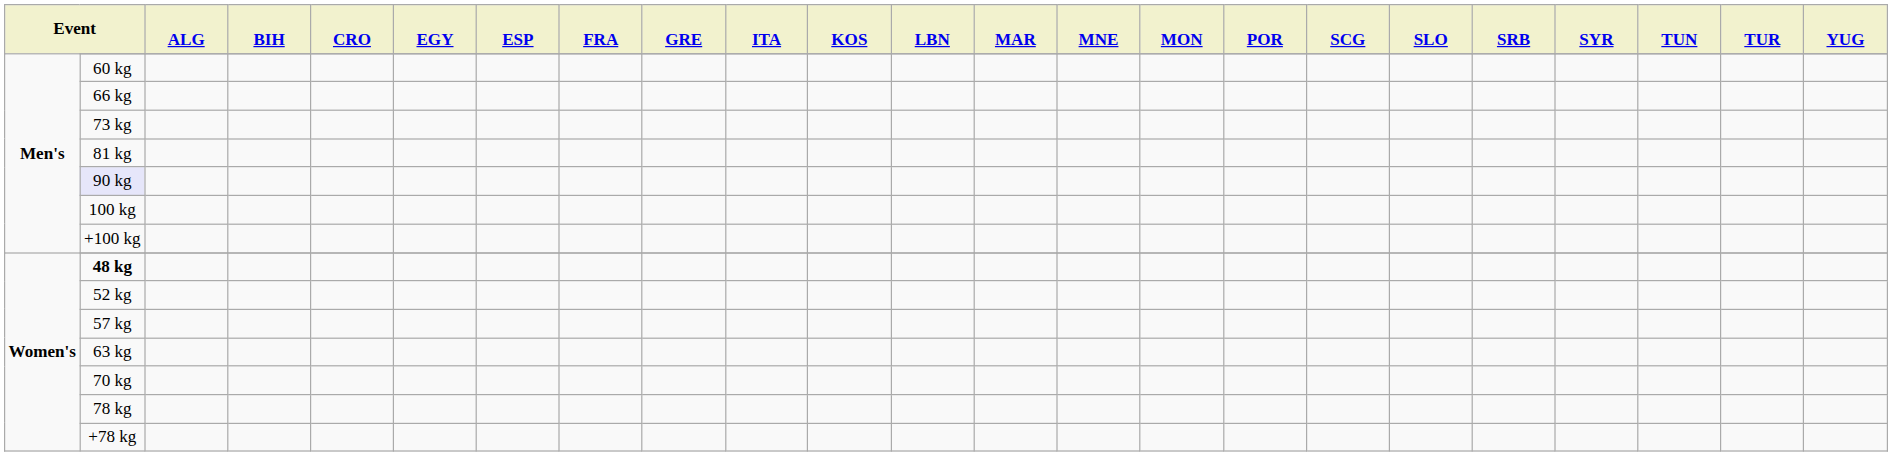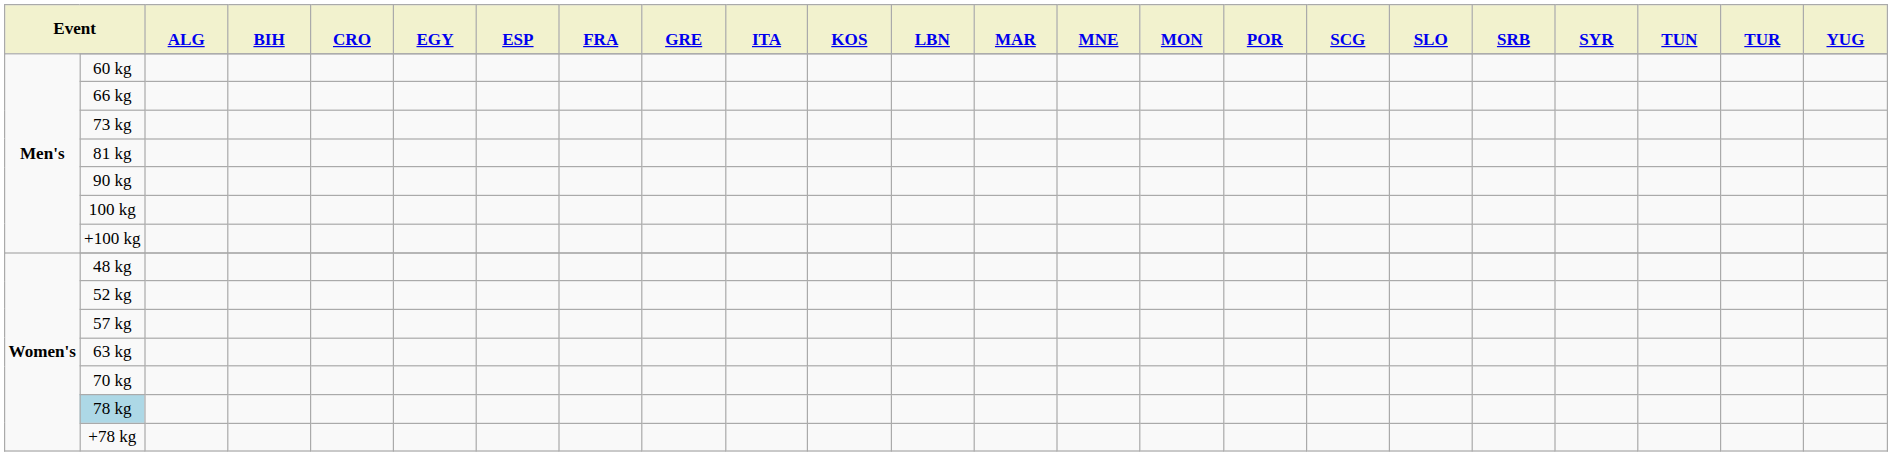 <table class="wikitable" style="margin-top:0em; text-align:center; font-size:89%;">
 <tr>
 <th colspan="2" style="background-color:#f2f2ce; width:15.0em;">Event</th>
 <th style="background-color:#f2f2ce; width:4.5em;"><br><a href='#'>ALG</a></th>
 <th style="background-color:#f2f2ce; width:4.5em;"><br><a href='#'>BIH</a></th>
 <th style="background-color:#f2f2ce; width:4.5em;"><br><a href='#'>CRO</a></th>
 <th style="background-color:#f2f2ce; width:4.5em;"><br><a href='#'>EGY</a></th>
 <th style="background-color:#f2f2ce; width:4.5em;"><br><a href='#'>ESP</a></th>
 <th style="background-color:#f2f2ce; width:4.5em;"><br><a href='#'>FRA</a></th>
 <th style="background-color:#f2f2ce; width:4.5em;"><br><a href='#'>GRE</a></th>
 <th style="background-color:#f2f2ce; width:4.5em;"><br><a href='#'>ITA</a></th>
 <th style="background-color:#f2f2ce; width:4.5em;"><br><a href='#'>KOS</a></th>
 <th style="background-color:#f2f2ce; width:4.5em;"><br><a href='#'>LBN</a></th>
 <th style="background-color:#f2f2ce; width:4.5em;"><br><a href='#'>MAR</a></th>
 <th style="background-color:#f2f2ce; width:4.5em;"><br><a href='#'>MNE</a></th>
 <th style="background-color:#f2f2ce; width:4.5em;"><br><a href='#'>MON</a></th>
 <th style="background-color:#f2f2ce; width:4.5em;"><br><a href='#'>POR</a></th>
 <th style="background-color:#f2f2ce; width:4.5em;"><br><a href='#'>SCG</a></th>
 <th style="background-color:#f2f2ce; width:4.5em;"><br><a href='#'>SLO</a></th>
 <th style="background-color:#f2f2ce; width:4.5em;"><br><a href='#'>SRB</a></th>
 <th style="background-color:#f2f2ce; width:4.5em;"><br><a href='#'>SYR</a></th>
 <th style="background-color:#f2f2ce; width:4.5em;"><br><a href='#'>TUN</a></th>
 <th style="background-color:#f2f2ce; width:4.5em;"><br><a href='#'>TUR</a></th>
 <th style="background-color:#f2f2ce; width:4.5em;"><br><a href='#'>YUG</a></th>
 </tr>
 <tr>
 <td rowspan="8"><strong>Men's</strong></td>
 </tr>
 <tr>
 <td>60 kg</td>
 <td></td>
 <td></td>
 <td></td>
 <td></td>
 <td></td>
 <td></td>
 <td></td>
 <td></td>
 <td></td>
 <td></td>
 <td></td>
 <td></td>
 <td></td>
 <td></td>
 <td></td>
 <td></td>
 <td></td>
 <td></td>
 <td></td>
 <td></td>
 <td></td>
 </tr>
 <tr>
 <td>66 kg</td>
 <td></td>
 <td></td>
 <td></td>
 <td></td>
 <td></td>
 <td></td>
 <td></td>
 <td></td>
 <td></td>
 <td></td>
 <td></td>
 <td></td>
 <td></td>
 <td></td>
 <td></td>
 <td></td>
 <td></td>
 <td></td>
 <td></td>
 <td></td>
 <td></td>
 </tr>
 <tr>
 <td>73 kg</td>
 <td></td>
 <td></td>
 <td></td>
 <td></td>
 <td></td>
 <td></td>
 <td></td>
 <td></td>
 <td></td>
 <td></td>
 <td></td>
 <td></td>
 <td></td>
 <td></td>
 <td></td>
 <td></td>
 <td></td>
 <td></td>
 <td></td>
 <td></td>
 <td></td>
 </tr>
 <tr>
 <td>81 kg</td>
 <td></td>
 <td></td>
 <td></td>
 <td></td>
 <td></td>
 <td></td>
 <td></td>
 <td></td>
 <td></td>
 <td></td>
 <td></td>
 <td></td>
 <td></td>
 <td></td>
 <td></td>
 <td></td>
 <td></td>
 <td></td>
 <td></td>
 <td></td>
 <td></td>
 </tr>
 <tr>
-<td style="background: lavender;">90 kg</td>
+<td>90 kg</td>
 <td></td>
 <td></td>
 <td></td>
 <td></td>
 <td></td>
 <td></td>
 <td></td>
 <td></td>
 <td></td>
 <td></td>
 <td></td>
 <td></td>
 <td></td>
 <td></td>
 <td></td>
 <td></td>
 <td></td>
 <td></td>
 <td></td>
 <td></td>
 <td></td>
 </tr>
 <tr>
 <td>100 kg</td>
 <td></td>
 <td></td>
 <td></td>
 <td></td>
 <td></td>
 <td></td>
 <td></td>
 <td></td>
 <td></td>
 <td></td>
 <td></td>
 <td></td>
 <td></td>
 <td></td>
 <td></td>
 <td></td>
 <td></td>
 <td></td>
 <td></td>
 <td></td>
 <td></td>
 </tr>
 <tr>
 <td>+100 kg</td>
 <td></td>
 <td></td>
 <td></td>
 <td></td>
 <td></td>
 <td></td>
 <td></td>
 <td></td>
 <td></td>
 <td></td>
 <td></td>
 <td></td>
 <td></td>
 <td></td>
 <td></td>
 <td></td>
 <td></td>
 <td></td>
 <td></td>
 <td></td>
 <td></td>
 </tr>
 <tr>
 <td rowspan="8"><strong>Women's</strong></td>
 </tr>
 <tr>
-<td><strong>48 kg</strong></td>
+<td>48 kg</td>
 <td></td>
 <td></td>
 <td></td>
 <td></td>
 <td></td>
 <td></td>
 <td></td>
 <td></td>
 <td></td>
 <td></td>
 <td></td>
 <td></td>
 <td></td>
 <td></td>
 <td></td>
 <td></td>
 <td></td>
 <td></td>
 <td></td>
 <td></td>
 <td></td>
 </tr>
 <tr>
 <td>52 kg</td>
 <td></td>
 <td></td>
 <td></td>
 <td></td>
 <td></td>
 <td></td>
 <td></td>
 <td></td>
 <td></td>
 <td></td>
 <td></td>
 <td></td>
 <td></td>
 <td></td>
 <td></td>
 <td></td>
 <td></td>
 <td></td>
 <td></td>
 <td></td>
 <td></td>
 </tr>
 <tr>
 <td>57 kg</td>
 <td></td>
 <td></td>
 <td></td>
 <td></td>
 <td></td>
 <td></td>
 <td></td>
 <td></td>
 <td></td>
 <td></td>
 <td></td>
 <td></td>
 <td></td>
 <td></td>
 <td></td>
 <td></td>
 <td></td>
 <td></td>
 <td></td>
 <td></td>
 <td></td>
 </tr>
 <tr>
 <td>63 kg</td>
 <td></td>
 <td></td>
 <td></td>
 <td></td>
 <td></td>
 <td></td>
 <td></td>
 <td></td>
 <td></td>
 <td></td>
 <td></td>
 <td></td>
 <td></td>
 <td></td>
 <td></td>
 <td></td>
 <td></td>
 <td></td>
 <td></td>
 <td></td>
 <td></td>
 </tr>
 <tr>
 <td>70 kg</td>
 <td></td>
 <td></td>
 <td></td>
 <td></td>
 <td></td>
 <td></td>
 <td></td>
 <td></td>
 <td></td>
 <td></td>
 <td></td>
 <td></td>
 <td></td>
 <td></td>
 <td></td>
 <td></td>
 <td></td>
 <td></td>
 <td></td>
 <td></td>
 <td></td>
 </tr>
 <tr>
-<td>78 kg</td>
+<td style="background: lightblue;">78 kg</td>
 <td></td>
 <td></td>
 <td></td>
 <td></td>
 <td></td>
 <td></td>
 <td></td>
 <td></td>
 <td></td>
 <td></td>
 <td></td>
 <td></td>
 <td></td>
 <td></td>
 <td></td>
 <td></td>
 <td></td>
 <td></td>
 <td></td>
 <td></td>
 <td></td>
 </tr>
 <tr>
 <td>+78 kg</td>
 <td></td>
 <td></td>
 <td></td>
 <td></td>
 <td></td>
 <td></td>
 <td></td>
 <td></td>
 <td></td>
 <td></td>
 <td></td>
 <td></td>
 <td></td>
 <td></td>
 <td></td>
 <td></td>
 <td></td>
 <td></td>
 <td></td>
 <td></td>
 <td></td>
 </tr>
 </table>
